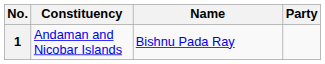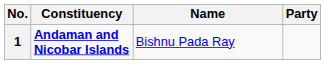 <table class="sortable wikitable">
 <tr>
 <th>No.</th>
 <th style="width:120px">Constituency</th>
 <th style="width:180px">Name</th>
 <th colspan="2">Party</th>
 </tr>
 <tr>
 <th>1</th>
-<td><a href='#'>Andaman and Nicobar Islands</a></td>
+<td><strong><a href='#'>Andaman and Nicobar Islands</a></strong></td>
 <td><a href='#'>Bishnu Pada Ray</a></td>
 <td></td>
 </tr>
 </table>
